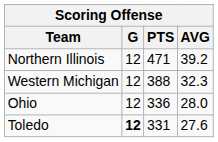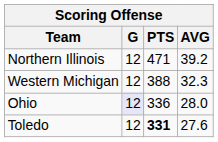 <table class="wikitable">
 <tr>
 <th colspan="7" align "center">Scoring Offense</th>
 </tr>
 <tr>
 <th>Team</th>
 <th>G</th>
 <th>PTS</th>
 <th>AVG</th>
 </tr>
 <tr>
 <td>Northern Illinois</td>
 <td>12</td>
 <td>471</td>
 <td>39.2</td>
 </tr>
 <tr>
 <td>Western Michigan</td>
 <td>12</td>
 <td>388</td>
 <td>32.3</td>
 </tr>
 <tr>
 <td>Ohio</td>
-<td>12</td>
+<td style="background: lavender;">12</td>
 <td>336</td>
 <td>28.0</td>
 </tr>
 <tr>
 <td>Toledo</td>
-<td><strong>12</strong></td>
-<td>331</td>
+<td>12</td>
+<td><strong>331</strong></td>
 <td>27.6</td>
 </tr>
 </table>
